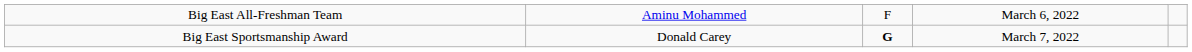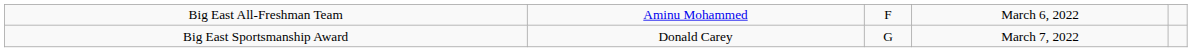 <table class="wikitable" style="width: 90%;text-align: center;">
 <tr align="center">
 <td rowspan="1">Big East All-Freshman Team</td>
 <td><a href='#'>Aminu Mohammed</a></td>
 <td>F</td>
 <td>March 6, 2022</td>
 <td></td>
 </tr>
 <tr align="center">
 <td rowspan="1">Big East Sportsmanship Award</td>
 <td>Donald Carey</td>
-<td><strong>G</strong></td>
+<td>G</td>
 <td>March 7, 2022</td>
 <td></td>
 </tr>
 </table>
